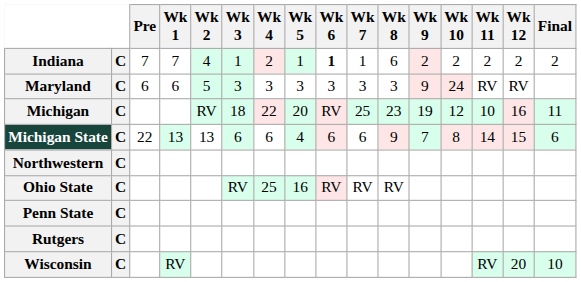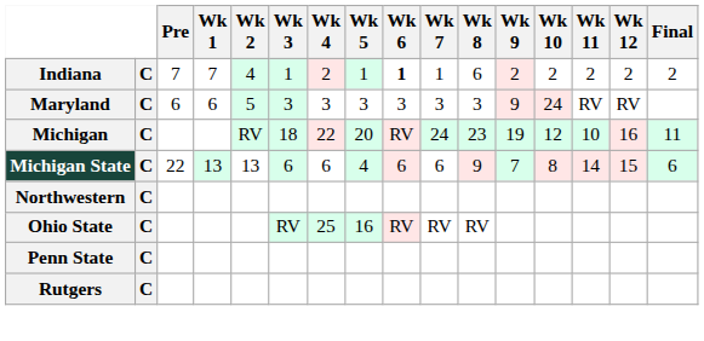 <table class="wikitable" style="white-space:nowrap;font-size:90%;">
 <tr>
 <th colspan=2 style="background:white; border-top-style:hidden; border-left-style:hidden;"> </th>
 <th>Pre</th>
 <th>Wk<br>1</th>
 <th>Wk<br>2</th>
 <th>Wk<br>3</th>
 <th>Wk<br>4</th>
 <th>Wk<br>5</th>
 <th>Wk<br>6</th>
 <th>Wk<br>7</th>
 <th>Wk<br>8</th>
 <th>Wk<br>9</th>
 <th>Wk<br>10</th>
 <th>Wk<br>11</th>
 <th>Wk<br>12</th>
 <th>Final</th>
 </tr>
 <tr style="text-align:center;">
 <th>Indiana</th>
 <th>C</th>
 <td style="background:#FFF;"> 7</td>
 <td style="background:#FFF;"> 7</td>
 <td style="background:#D8FFEB;"> 4</td>
 <td style="background:#D8FFEB;"> 1</td>
 <td style="background:#FFE6E6;"> 2</td>
 <td style="background:#D8FFEB;"> 1</td>
 <td style="background:#FFF;"><strong> 1</strong></td>
 <td style="background:#FFF;"> 1</td>
 <td style="background:#FFF;"> 6</td>
 <td style="background:#FFE6E6;"> 2</td>
 <td style="background:#FFF;"> 2</td>
 <td style="background:#FFF;"> 2</td>
 <td style="background:#FFF;"> 2</td>
 <td style="background:#FFF;"> 2</td>
 </tr>
 <tr style="text-align:center;">
 <th>Maryland</th>
 <th>C</th>
 <td style="background:#FFF;"> 6</td>
 <td style="background:#FFF;"> 6</td>
 <td style="background:#D8FFEB;"> 5</td>
 <td style="background:#D8FFEB;"> 3</td>
 <td style="background:#FFF;"> 3</td>
 <td style="background:#FFF;"> 3</td>
 <td style="background:#FFF;"> 3</td>
 <td style="background:#FFF;"> 3</td>
 <td style="background:#FFF;"> 3</td>
 <td style="background:#FFE6E6;"> 9</td>
 <td style="background:#FFE6E6;"> 24</td>
 <td style="background:#FFF;"> RV</td>
 <td style="background:#FFF;"> RV</td>
 <td style="background:#FFF;"></td>
 </tr>
 <tr style="text-align:center;">
 <th>Michigan</th>
 <th>C</th>
 <td style="background:#FFF;"></td>
 <td style="background:#FFF;"></td>
 <td style="background:#D8FFEB;"> RV</td>
 <td style="background:#D8FFEB;"> 18</td>
 <td style="background:#FFE6E6;"> 22</td>
 <td style="background:#D8FFEB;"> 20</td>
 <td style="background:#FFE6E6;"> RV</td>
-<td style="background:#D8FFEB;"> 25</td>
+<td style="background:#D8FFEB;"> 24</td>
 <td style="background:#D8FFEB;"> 23</td>
 <td style="background:#D8FFEB;"> 19</td>
 <td style="background:#D8FFEB;"> 12</td>
 <td style="background:#D8FFEB;"> 10</td>
 <td style="background:#FFE6E6;">16</td>
 <td style="background:#D8FFEB;"> 11</td>
 </tr>
 <tr style="text-align:center;">
 <th style="background:#18453B; color:white;">Michigan State</th>
 <th>C</th>
 <td style="background:#FFF;"> 22</td>
 <td style="background:#D8FFEB;"> 13</td>
 <td style="background:#FFF;"> 13</td>
 <td style="background:#D8FFEB;"> 6</td>
 <td style="background:#FFF;"> 6</td>
 <td style="background:#D8FFEB;"> 4</td>
 <td style="background:#FFE6E6;"> 6</td>
 <td style="background:#FFF;"> 6</td>
 <td style="background:#FFE6E6;"> 9</td>
 <td style="background:#D8FFEB;"> 7</td>
 <td style="background:#FFE6E6;"> 8</td>
 <td style="background:#FFE6E6;"> 14</td>
 <td style="background:#FFE6E6;"> 15</td>
 <td style="background:#D8FFEB;">  6</td>
 </tr>
 <tr style="text-align:center;">
 <th>Northwestern</th>
 <th>C</th>
 <td style="background:#FFF;"></td>
 <td style="background:#FFF;"></td>
 <td style="background:#FFF;"></td>
 <td style="background:#FFF;"></td>
 <td style="background:#FFF;"></td>
 <td style="background:#FFF;"></td>
 <td style="background:#FFF;"></td>
 <td style="background:#FFF;"></td>
 <td style="background:#FFF;"></td>
 <td style="background:#FFF;"></td>
 <td style="background:#FFF;"></td>
 <td style="background:#FFF;"></td>
 <td style="background:#FFF;"></td>
 <td style="background:#FFF;"></td>
 </tr>
 <tr style="text-align:center;">
 <th>Ohio State</th>
 <th>C</th>
 <td style="background:#FFF;"></td>
 <td style="background:#FFF;"></td>
 <td style="background:#FFF;"></td>
 <td style="background:#D8FFEB;"> RV</td>
 <td style="background:#D8FFEB;"> 25</td>
 <td style="background:#D8FFEB;"> 16</td>
 <td style="background:#FFE6E6;"> RV</td>
 <td style="background:#FFF;"> RV</td>
 <td style="background:#FFF;"> RV</td>
 <td style="background:#FFF;"></td>
 <td style="background:#FFF;"></td>
 <td style="background:#FFF;"></td>
 <td style="background:#FFF;"></td>
 <td style="background:#FFF;"></td>
 </tr>
 <tr style="text-align:center;">
 <th>Penn State</th>
 <th>C</th>
 <td style="background:#FFF;"></td>
 <td style="background:#FFF;"></td>
 <td style="background:#FFF;"></td>
 <td style="background:#FFF;"></td>
 <td style="background:#FFF;"></td>
 <td style="background:#FFF;"></td>
 <td style="background:#FFF;"></td>
 <td style="background:#FFF;"></td>
 <td style="background:#FFF;"></td>
 <td style="background:#FFF;"></td>
 <td style="background:#FFF;"></td>
 <td style="background:#FFF;"></td>
 <td style="background:#FFF;"></td>
 <td style="background:#FFF;"></td>
 </tr>
 <tr style="text-align:center;">
 <th>Rutgers</th>
 <th>C</th>
 <td style="background:#FFF;"></td>
 <td style="background:#FFF;"></td>
 <td style="background:#FFF;"></td>
 <td style="background:#FFF;"></td>
 <td style="background:#FFF;"></td>
 <td style="background:#FFF;"></td>
 <td style="background:#FFF;"></td>
 <td style="background:#FFF;"></td>
 <td style="background:#FFF;"></td>
 <td style="background:#FFF;"></td>
 <td style="background:#FFF;"></td>
 <td style="background:#FFF;"></td>
 <td style="background:#FFF;"></td>
 <td style="background:#FFF;"></td>
 </tr>
-<tr style="text-align:center;">
-<th>Wisconsin</th>
-<th>C</th>
-<td style="background:#FFF;"></td>
-<td style="background:#D8FFEB;"> RV</td>
-<td style="background:#FFF;"></td>
-<td style="background:#FFF;"></td>
-<td style="background:#FFF;"></td>
-<td style="background:#FFF;"></td>
-<td style="background:#FFF;"></td>
-<td style="background:#FFF;"></td>
-<td style="background:#FFF;"></td>
-<td style="background:#FFF;"></td>
-<td style="background:#FFF;"></td>
-<td style="background:#D8FFEB;"> RV</td>
-<td style="background:#D8FFEB;"> 20</td>
-<td style="background:#D8FFEB;"> 10</td>
-</tr>
 </table>
